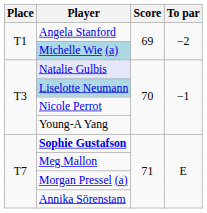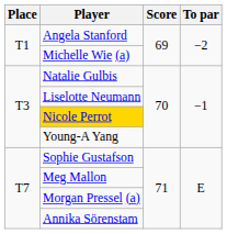 <table class="wikitable">
 <tr>
 <th>Place</th>
 <th>Player</th>
 <th>Score</th>
 <th>To par</th>
 </tr>
 <tr>
 <td align=center rowspan=2>T1</td>
 <td> <a href='#'>Angela Stanford</a></td>
 <td align=center rowspan=2>69</td>
 <td align=center rowspan=2>−2</td>
 </tr>
 <tr>
-<td style="background: lightblue;"> <a href='#'>Michelle Wie</a> <a href='#'>(a)</a></td>
+<td> <a href='#'>Michelle Wie</a> <a href='#'>(a)</a></td>
 </tr>
 <tr>
 <td align=center rowspan=4>T3</td>
-<td style="background: lavender;"> <a href='#'>Natalie Gulbis</a></td>
+<td> <a href='#'>Natalie Gulbis</a></td>
 <td align=center rowspan=4>70</td>
 <td align=center rowspan=4>−1</td>
 </tr>
 <tr>
-<td style="background: lightblue;"> <a href='#'>Liselotte Neumann</a></td>
+<td> <a href='#'>Liselotte Neumann</a></td>
 </tr>
 <tr>
-<td> <a href='#'>Nicole Perrot</a></td>
+<td style="background: gold;"> <a href='#'>Nicole Perrot</a></td>
 </tr>
 <tr>
 <td> Young-A Yang</td>
 </tr>
 <tr>
 <td align=center rowspan=4>T7</td>
-<td><strong> <a href='#'>Sophie Gustafson</a></strong></td>
+<td> <a href='#'>Sophie Gustafson</a></td>
 <td align=center rowspan=4>71</td>
 <td align=center rowspan=4>E</td>
 </tr>
 <tr>
 <td> <a href='#'>Meg Mallon</a></td>
 </tr>
 <tr>
 <td> <a href='#'>Morgan Pressel</a> <a href='#'>(a)</a></td>
 </tr>
 <tr>
 <td> <a href='#'>Annika Sörenstam</a></td>
 </tr>
 </table>
